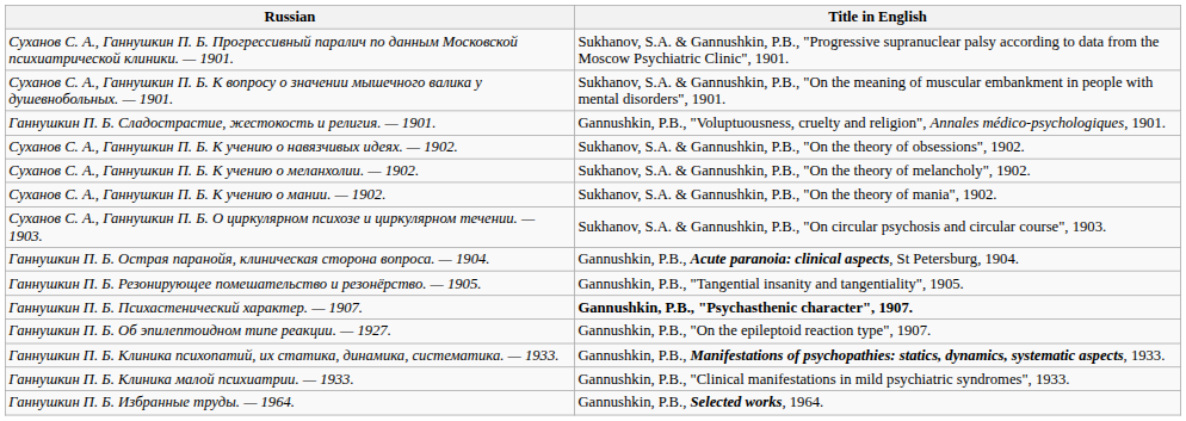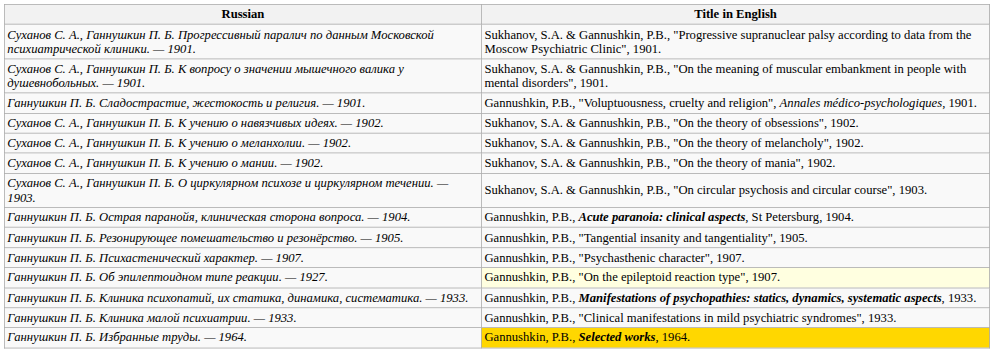 <table class=wikitable>
 <tr>
 <th colspan=2><strong>Russian</strong></th>
 <th><strong>Title in English</strong></th>
 </tr>
 <tr>
 <td colspan=2><em>Суханов С. А., Ганнушкин П. Б. Прогрессивный паралич по данным Московской психиатрической клиники. — 1901.</em></td>
 <td>Sukhanov, S.A. & Gannushkin, P.B., "Progressive supranuclear palsy according to data from the Moscow Psychiatric Clinic", 1901.</td>
 </tr>
 <tr>
 <td colspan=2><em>Суханов С. А., Ганнушкин П. Б. К вопросу о значении мышечного валика у душевнобольных. — 1901.</em></td>
 <td>Sukhanov, S.A. & Gannushkin, P.B., "On the meaning of muscular embankment in people with mental disorders", 1901.</td>
 </tr>
 <tr>
 <td colspan=2><em>Ганнушкин П. Б. Сладострастие, жестокость и религия. — 1901.</em></td>
 <td>Gannushkin, P.B., "Voluptuousness, cruelty and religion", <em>Annales médico-psychologiques</em>, 1901.</td>
 </tr>
 <tr>
 <td colspan=2><em>Суханов С. А., Ганнушкин П. Б. К учению о навязчивых идеях. — 1902.</em></td>
 <td>Sukhanov, S.A. & Gannushkin, P.B., "On the theory of obsessions", 1902.</td>
 </tr>
 <tr>
 <td colspan=2><em>Суханов С. А., Ганнушкин П. Б. К учению о меланхолии. — 1902.</em></td>
 <td>Sukhanov, S.A. & Gannushkin, P.B., "On the theory of melancholy", 1902.</td>
 </tr>
 <tr>
 <td colspan=2><em>Суханов С. А., Ганнушкин П. Б. К учению о мании. — 1902.</em></td>
 <td>Sukhanov, S.A. & Gannushkin, P.B., "On the theory of mania", 1902.</td>
 </tr>
 <tr>
 <td colspan=2><em>Суханов С. А., Ганнушкин П. Б. О циркулярном психозе и циркулярном течении. — 1903.</em></td>
 <td>Sukhanov, S.A. & Gannushkin, P.B., "On circular psychosis and circular course", 1903.</td>
 </tr>
 <tr>
 <td colspan=2><em>Ганнушкин П. Б. Острая паранойя, клиническая сторона вопроса. — 1904.</em></td>
 <td>Gannushkin, P.B., <strong><em>Acute paranoia: clinical aspects</em></strong>, St Petersburg, 1904.</td>
 </tr>
 <tr>
 <td colspan=2><em>Ганнушкин П. Б. Резонирующее помешательство и резонёрство. — 1905.</em></td>
 <td>Gannushkin, P.B., "Tangential insanity and tangentiality", 1905.</td>
 </tr>
 <tr>
 <td colspan=2><em>Ганнушкин П. Б. Психастенический характер. — 1907.</em></td>
-<td><strong>Gannushkin, P.B., "Psychasthenic character", 1907.</strong></td>
+<td>Gannushkin, P.B., "Psychasthenic character", 1907.</td>
 </tr>
 <tr>
 <td colspan=2><em>Ганнушкин П. Б. Об эпилептоидном типе реакции. — 1927.</em></td>
-<td>Gannushkin, P.B., "On the epileptoid reaction type", 1907.</td>
+<td style="background: lightyellow;">Gannushkin, P.B., "On the epileptoid reaction type", 1907.</td>
 </tr>
 <tr>
 <td colspan=2><em>Ганнушкин П. Б. Клиника психопатий, их статика, динамика, систематика. — 1933.</em></td>
 <td>Gannushkin, P.B., <strong><em>Manifestations of psychopathies: statics, dynamics, systematic aspects</em></strong>, 1933.</td>
 </tr>
 <tr>
 <td colspan=2><em>Ганнушкин П. Б. Клиника малой психиатрии. — 1933.</em></td>
 <td>Gannushkin, P.B., "Clinical manifestations in mild psychiatric syndromes", 1933.</td>
 </tr>
 <tr>
 <td colspan=2><em>Ганнушкин П. Б. Избранные труды. — 1964.</em></td>
-<td>Gannushkin, P.B., <strong><em>Selected works</em></strong>, 1964.</td>
+<td style="background: gold;">Gannushkin, P.B., <strong><em>Selected works</em></strong>, 1964.</td>
 </tr>
 </table>
